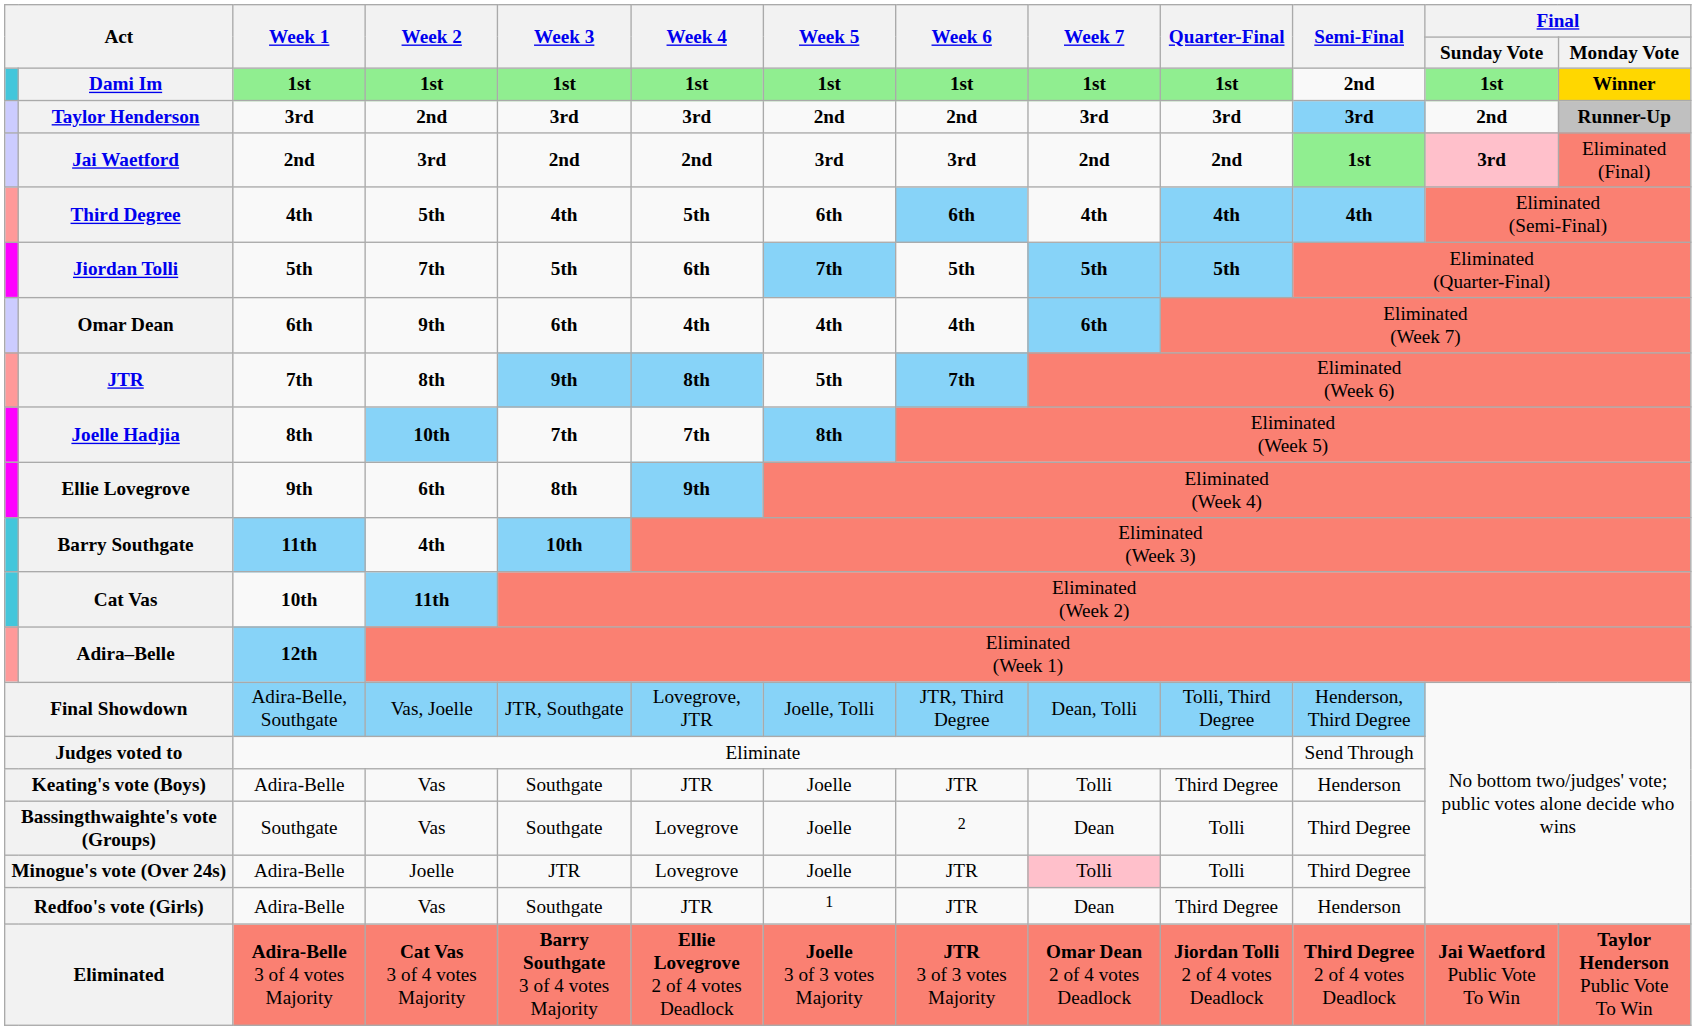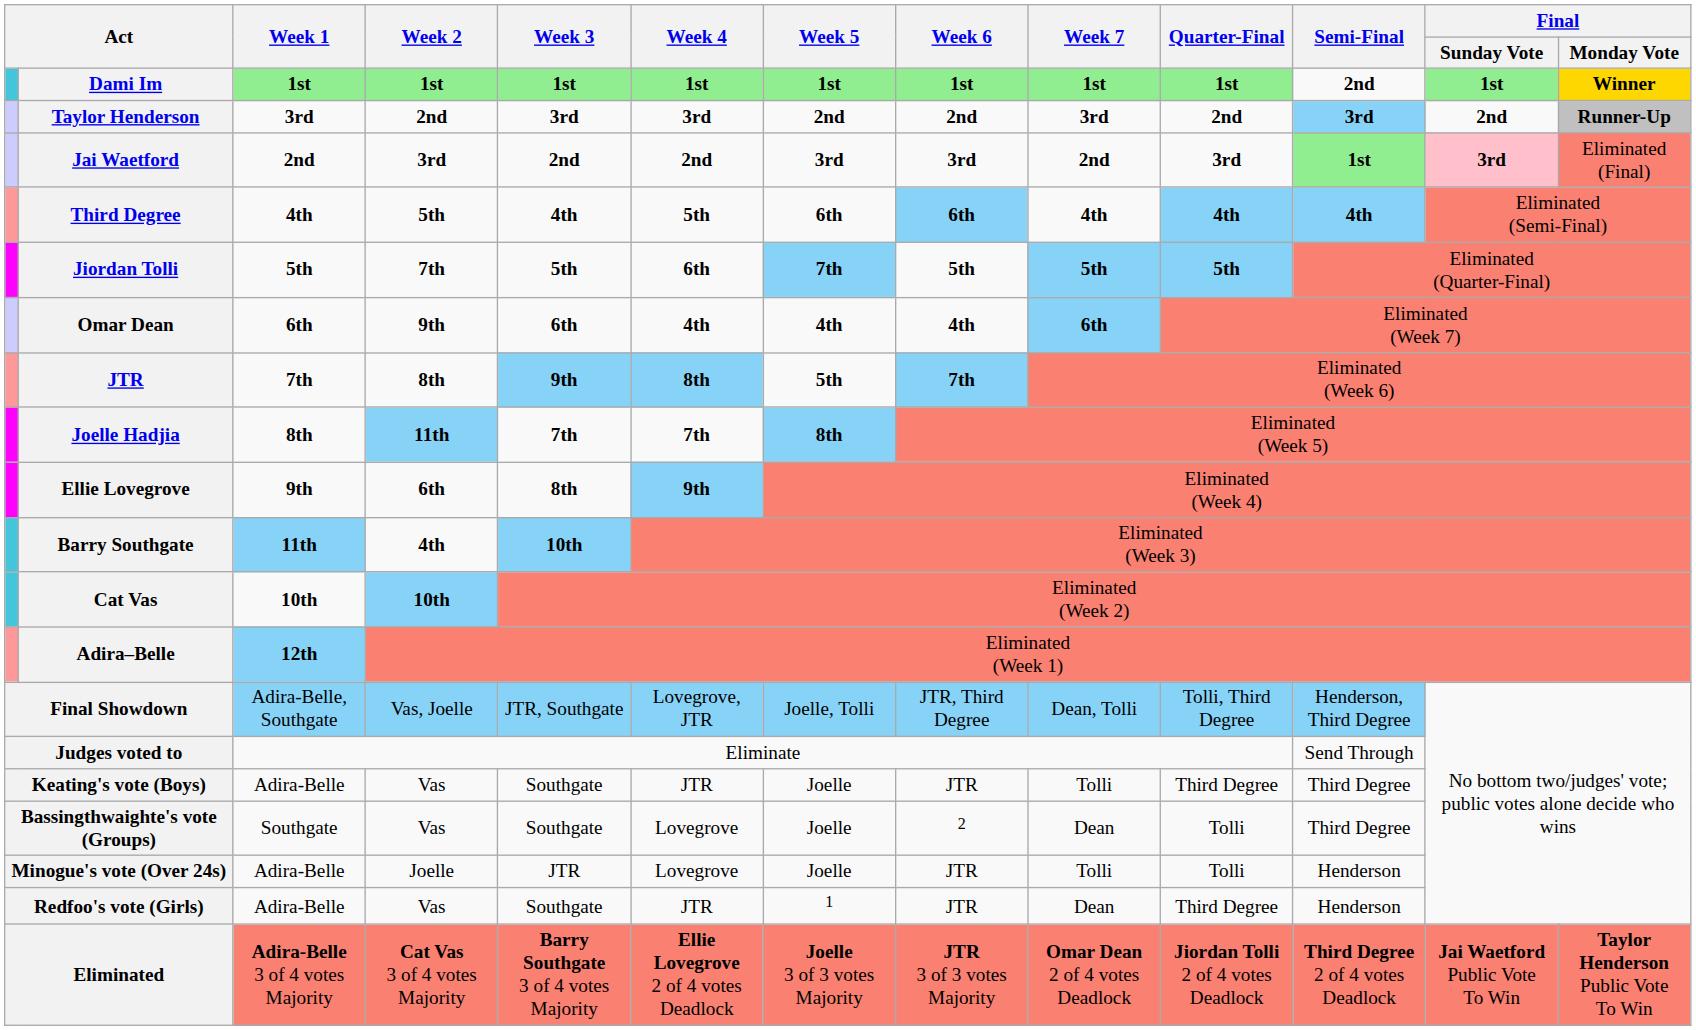 <table class="wikitable" style="text-align:center; font-size:89%">
 <tr>
 <th style="width:12%" rowspan=2 scope="col" colspan=2>Act</th>
 <th style="width:7%" rowspan=2 scope="col"><a href='#'>Week 1</a></th>
 <th style="width:7%" rowspan=2 scope="col"><a href='#'>Week 2</a></th>
 <th style="width:7%" rowspan=2 scope="col"><a href='#'>Week 3</a></th>
 <th style="width:7%" rowspan=2 scope="col"><a href='#'>Week 4</a></th>
 <th style="width:7%" rowspan=2 scope="col"><a href='#'>Week 5</a></th>
 <th style="width:7%" rowspan=2 scope="col"><a href='#'>Week 6</a></th>
 <th style="width:7%" rowspan=2 scope="col"><a href='#'>Week 7</a></th>
 <th style="width:7%" rowspan=2 scope="col"><a href='#'>Quarter-Final</a></th>
 <th style="width:7%" rowspan=2 scope="col"><a href='#'>Semi-Final</a></th>
 <th colspan="2"><a href='#'>Final</a></th>
 </tr>
 <tr>
 <th style="width:7%">Sunday Vote</th>
 <th style="width:7%">Monday Vote</th>
 </tr>
 <tr>
 <th style="background:#43C6DB"></th>
 <th scope="row"><a href='#'>Dami Im</a></th>
 <td style="background:lightgreen"><strong>1st</strong></td>
 <td style="background:lightgreen"><strong>1st</strong></td>
 <td style="background:lightgreen"><strong>1st</strong></td>
 <td style="background:lightgreen"><strong>1st</strong></td>
 <td style="background:lightgreen"><strong>1st</strong></td>
 <td style="background:lightgreen"><strong>1st</strong></td>
 <td style="background:lightgreen"><strong>1st</strong></td>
 <td style="background:lightgreen"><strong>1st</strong></td>
 <td><strong>2nd</strong></td>
 <td style="background:lightgreen"><strong>1st</strong></td>
 <td style="background:#FFD700"><strong>Winner</strong></td>
 </tr>
 <tr>
 <th style="background:#ccf"></th>
 <th scope="row"><a href='#'>Taylor Henderson</a></th>
 <td><strong>3rd</strong></td>
 <td><strong>2nd</strong></td>
 <td><strong>3rd</strong></td>
 <td><strong>3rd</strong></td>
 <td><strong>2nd</strong></td>
 <td><strong>2nd</strong></td>
 <td><strong>3rd</strong></td>
-<td><strong>3rd</strong></td>
+<td><strong>2nd</strong></td>
 <td style="background:#87d3f8;"><strong>3rd</strong></td>
 <td><strong>2nd</strong></td>
 <td style="background:#C0C0C0"><strong>Runner-Up</strong></td>
 </tr>
 <tr>
 <th style="background:#ccf"></th>
 <th scope="row"><a href='#'>Jai Waetford</a></th>
 <td><strong>2nd</strong></td>
 <td><strong>3rd</strong></td>
 <td><strong>2nd</strong></td>
 <td><strong>2nd</strong></td>
 <td><strong>3rd</strong></td>
 <td><strong>3rd</strong></td>
 <td><strong>2nd</strong></td>
-<td><strong>2nd</strong></td>
+<td><strong>3rd</strong></td>
 <td style="background:lightgreen"><strong>1st</strong></td>
 <td style="background:pink"><strong>3rd</strong></td>
 <td style="background:#FA8072" colspan="1">Eliminated<br>(Final)</td>
 </tr>
 <tr>
 <th style="background:#ff9999"></th>
 <th scope="row"><a href='#'>Third Degree</a></th>
 <td><strong>4th</strong></td>
 <td><strong>5th</strong></td>
 <td><strong>4th</strong></td>
 <td><strong>5th</strong></td>
 <td><strong>6th</strong></td>
 <td style="background:#87d3f8;"><strong>6th</strong></td>
 <td><strong>4th</strong></td>
 <td style="background:#87d3f8;"><strong>4th</strong></td>
 <td style="background:#87d3f8;"><strong>4th</strong></td>
 <td colspan="2" style="background:#FA8072">Eliminated<br>(Semi-Final)</td>
 </tr>
 <tr>
 <th style="background:magenta"></th>
 <th scope="row"><a href='#'>Jiordan Tolli</a></th>
 <td><strong>5th</strong></td>
 <td><strong>7th</strong></td>
 <td><strong>5th</strong></td>
 <td><strong>6th</strong></td>
 <td style="background:#87d3f8;"><strong>7th</strong></td>
 <td><strong>5th</strong></td>
 <td style="background:#87d3f8;"><strong>5th</strong></td>
 <td style="background:#87d3f8;"><strong>5th</strong></td>
 <td colspan="3" style="background:#FA8072">Eliminated<br>(Quarter-Final)</td>
 </tr>
 <tr>
 <th style="background:#ccf"></th>
 <th scope="row">Omar Dean</th>
 <td><strong>6th</strong></td>
 <td><strong>9th</strong></td>
 <td><strong>6th</strong></td>
 <td><strong>4th</strong></td>
 <td><strong>4th</strong></td>
 <td><strong>4th</strong></td>
 <td style="background:#87d3f8;"><strong>6th</strong></td>
 <td colspan="4" style="background:#FA8072">Eliminated<br>(Week 7)</td>
 </tr>
 <tr>
 <th style="background:#ff9999"></th>
 <th scope="row"><a href='#'>JTR</a></th>
 <td><strong>7th</strong></td>
 <td><strong>8th</strong></td>
 <td style="background:#87d3f8;"><strong>9th</strong></td>
 <td style="background:#87d3f8;"><strong>8th</strong></td>
 <td><strong>5th</strong></td>
 <td style="background:#87d3f8;"><strong>7th</strong></td>
 <td colspan="5" style="background:#FA8072">Eliminated<br>(Week 6)</td>
 </tr>
 <tr>
 <th style="background:magenta"></th>
 <th scope="row"><a href='#'>Joelle Hadjia</a></th>
 <td><strong>8th</strong></td>
-<td style="background:#87d3f8;"><strong>10th</strong></td>
+<td style="background:#87d3f8;"><strong>11th</strong></td>
 <td><strong>7th</strong></td>
 <td><strong>7th</strong></td>
 <td style="background:#87d3f8;"><strong>8th</strong></td>
 <td colspan="6" style="background:#FA8072">Eliminated<br>(Week 5)</td>
 </tr>
 <tr>
 <th style="background:magenta"></th>
 <th scope="row">Ellie Lovegrove</th>
 <td><strong>9th</strong></td>
 <td><strong>6th</strong></td>
 <td><strong>8th</strong></td>
 <td style="background:#87d3f8;"><strong>9th</strong></td>
 <td colspan="7" style="background:#FA8072">Eliminated<br>(Week 4)</td>
 </tr>
 <tr>
 <th style="background:#43C6DB"></th>
 <th scope="row">Barry Southgate</th>
 <td style="background:#87d3f8;"><strong>11th</strong></td>
 <td><strong>4th</strong></td>
 <td style="background:#87d3f8;"><strong>10th</strong></td>
 <td colspan="8" style="background:#FA8072">Eliminated<br>(Week 3)</td>
 </tr>
 <tr>
 <th style="background:#43C6DB"></th>
 <th scope="row">Cat Vas</th>
 <td><strong>10th</strong></td>
-<td style="background:#87d3f8;"><strong>11th</strong></td>
+<td style="background:#87d3f8;"><strong>10th</strong></td>
 <td colspan="9" style="background:#FA8072">Eliminated<br>(Week 2)</td>
 </tr>
 <tr>
 <th style="background:#ff9999"></th>
 <th scope="row">Adira–Belle</th>
 <td style="background:#87d3f8;"><strong>12th</strong></td>
 <td colspan="10" style="background:#FA8072">Eliminated<br>(Week 1)</td>
 </tr>
 <tr>
 <th rowspan="1" colspan=2><strong>Final Showdown</strong></th>
 <td style="background:#87D3F8">Adira-Belle, Southgate</td>
 <td style="background:#87D3F8">Vas, Joelle</td>
 <td style="background:#87D3F8">JTR, Southgate</td>
 <td style="background:#87D3F8">Lovegrove, JTR</td>
 <td style="background:#87D3F8">Joelle, Tolli</td>
 <td style="background:#87D3F8">JTR, Third Degree</td>
 <td style="background:#87D3F8">Dean, Tolli</td>
 <td style="background:#87D3F8">Tolli, Third Degree</td>
 <td style="background:#87D3F8">Henderson, Third Degree</td>
 <td rowspan="6" colspan="2">No bottom two/judges' vote; public votes alone decide who wins</td>
 </tr>
 <tr>
 <th scope="row" colspan=2>Judges voted to</th>
 <td colspan="8">Eliminate</td>
 <td>Send Through</td>
 </tr>
 <tr>
 <th scope="row" colspan=2>Keating's vote (Boys)</th>
 <td>Adira-Belle</td>
 <td>Vas</td>
 <td>Southgate</td>
 <td>JTR</td>
 <td>Joelle</td>
 <td>JTR</td>
 <td>Tolli</td>
 <td>Third Degree</td>
-<td>Henderson</td>
+<td>Third Degree</td>
 </tr>
 <tr>
 <th scope="row" colspan=2>Bassingthwaighte's vote (Groups)</th>
 <td>Southgate</td>
 <td>Vas</td>
 <td>Southgate</td>
 <td>Lovegrove</td>
 <td>Joelle</td>
 <td><sup>2</sup></td>
 <td>Dean</td>
 <td>Tolli</td>
 <td>Third Degree</td>
 </tr>
 <tr>
 <th scope="row" colspan=2>Minogue's vote (Over 24s)</th>
 <td>Adira-Belle</td>
 <td>Joelle</td>
 <td>JTR</td>
 <td>Lovegrove</td>
 <td>Joelle</td>
 <td>JTR</td>
-<td style="background: pink;">Tolli</td>
 <td>Tolli</td>
-<td>Third Degree</td>
+<td>Tolli</td>
+<td>Henderson</td>
 </tr>
 <tr>
 <th scope="row" colspan=2>Redfoo's vote (Girls)</th>
 <td>Adira-Belle</td>
 <td>Vas</td>
 <td>Southgate</td>
 <td>JTR</td>
 <td><sup>1</sup></td>
 <td>JTR</td>
 <td>Dean</td>
 <td>Third Degree</td>
 <td>Henderson</td>
 </tr>
 <tr>
 <th rowspan="3" colspan=2>Eliminated</th>
 <td style="background:#FA8072" rowspan="3"><strong>Adira-Belle</strong><br>3 of 4 votes<br>Majority</td>
 <td style="background:#FA8072" rowspan="3"><strong>Cat Vas</strong><br>3 of 4 votes<br>Majority</td>
 <td style="background:#FA8072" rowspan="3"><strong>Barry Southgate</strong><br>3 of 4 votes<br>Majority</td>
 <td style="background:#FA8072" rowspan="3"><strong>Ellie Lovegrove</strong><br>2 of 4 votes<br>Deadlock</td>
 <td style="background:#FA8072" rowspan="3"><strong>Joelle</strong><br>3 of 3 votes<br>Majority</td>
 <td style="background:#FA8072" rowspan="3"><strong>JTR</strong><br>3 of 3 votes<br>Majority</td>
 <td style="background:#FA8072" rowspan="3"><strong>Omar Dean</strong><br>2 of 4 votes<br>Deadlock</td>
 <td style="background:#FA8072" rowspan="3"><strong> Jiordan Tolli</strong><br>2 of 4 votes<br>Deadlock</td>
 <td style="background:#FA8072" rowspan="3"><strong> Third Degree</strong><br>2 of 4 votes<br>Deadlock</td>
 <td style="background:#FA8072" rowspan="3"><strong>Jai Waetford</strong> <br>Public Vote<br>To Win</td>
 <td style="background:#FA8072" rowspan=3><strong>Taylor Henderson</strong><br>Public Vote<br>To Win</td>
 </tr>
 <tr>
 </tr>
 </table>
